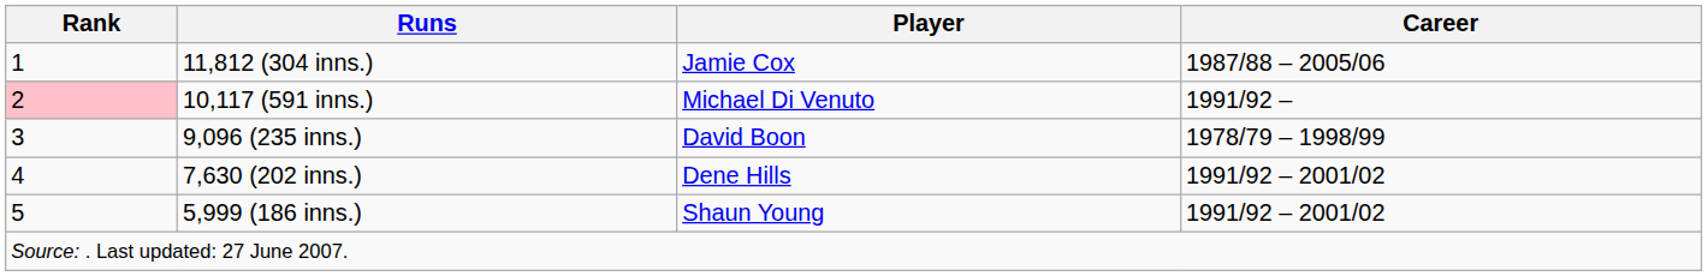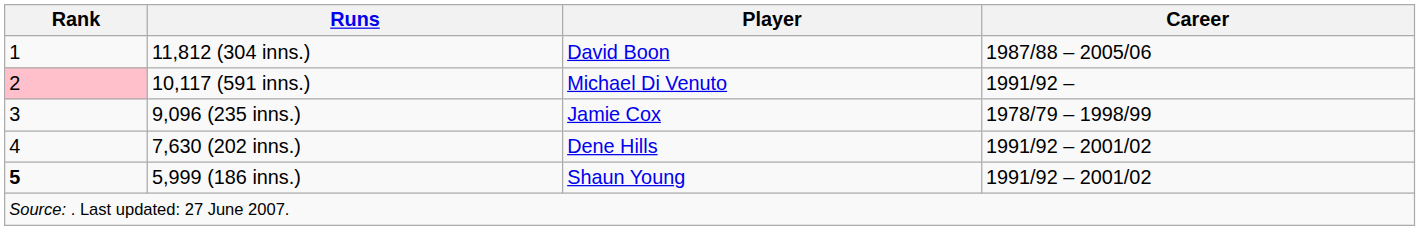 <table class="wikitable" style="width:90%;">
 <tr>
 <th>Rank</th>
 <th><a href='#'>Runs</a></th>
 <th>Player</th>
 <th>Career</th>
 </tr>
 <tr>
 <td>1</td>
 <td>11,812 (304 inns.)</td>
-<td><a href='#'>Jamie Cox</a></td>
+<td><a href='#'>David Boon</a></td>
 <td>1987/88 – 2005/06</td>
 </tr>
 <tr>
 <td style="background: pink;">2</td>
 <td>10,117 (591 inns.)</td>
 <td><a href='#'>Michael Di Venuto</a></td>
 <td>1991/92 –</td>
 </tr>
 <tr>
 <td>3</td>
 <td>9,096 (235 inns.)</td>
-<td><a href='#'>David Boon</a></td>
+<td><a href='#'>Jamie Cox</a></td>
 <td>1978/79 – 1998/99</td>
 </tr>
 <tr>
 <td>4</td>
 <td>7,630 (202 inns.)</td>
 <td><a href='#'>Dene Hills</a></td>
 <td>1991/92 – 2001/02</td>
 </tr>
 <tr>
-<td>5</td>
+<td><strong>5</strong></td>
 <td>5,999 (186 inns.)</td>
 <td><a href='#'>Shaun Young</a></td>
 <td>1991/92 – 2001/02</td>
 </tr>
 <tr>
 <td colspan=4><small><em>Source: </em>. Last updated: 27 June 2007.</small></td>
 </tr>
 </table>
